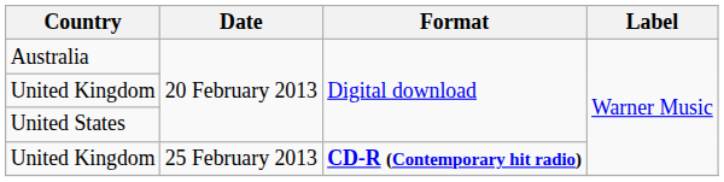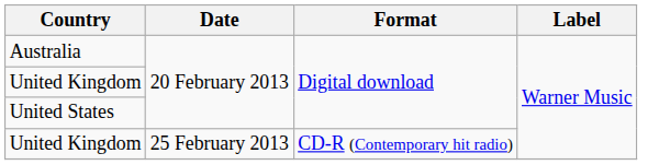 <table class="wikitable">
 <tr>
 <th>Country</th>
 <th>Date</th>
 <th>Format</th>
 <th>Label</th>
 </tr>
 <tr>
 <td>Australia</td>
 <td rowspan="3">20 February 2013</td>
 <td rowspan="3"><a href='#'>Digital download</a></td>
 <td rowspan="4"><a href='#'>Warner Music</a></td>
 </tr>
 <tr>
 <td>United Kingdom</td>
 </tr>
 <tr>
 <td>United States</td>
 </tr>
 <tr>
 <td>United Kingdom</td>
 <td>25 February 2013</td>
-<td><strong><a href='#'>CD-R</a> <small>(<a href='#'>Contemporary hit radio</a>)</small></strong></td>
+<td><a href='#'>CD-R</a> <small>(<a href='#'>Contemporary hit radio</a>)</small></td>
 </tr>
 <tr>
 </tr>
 </table>
